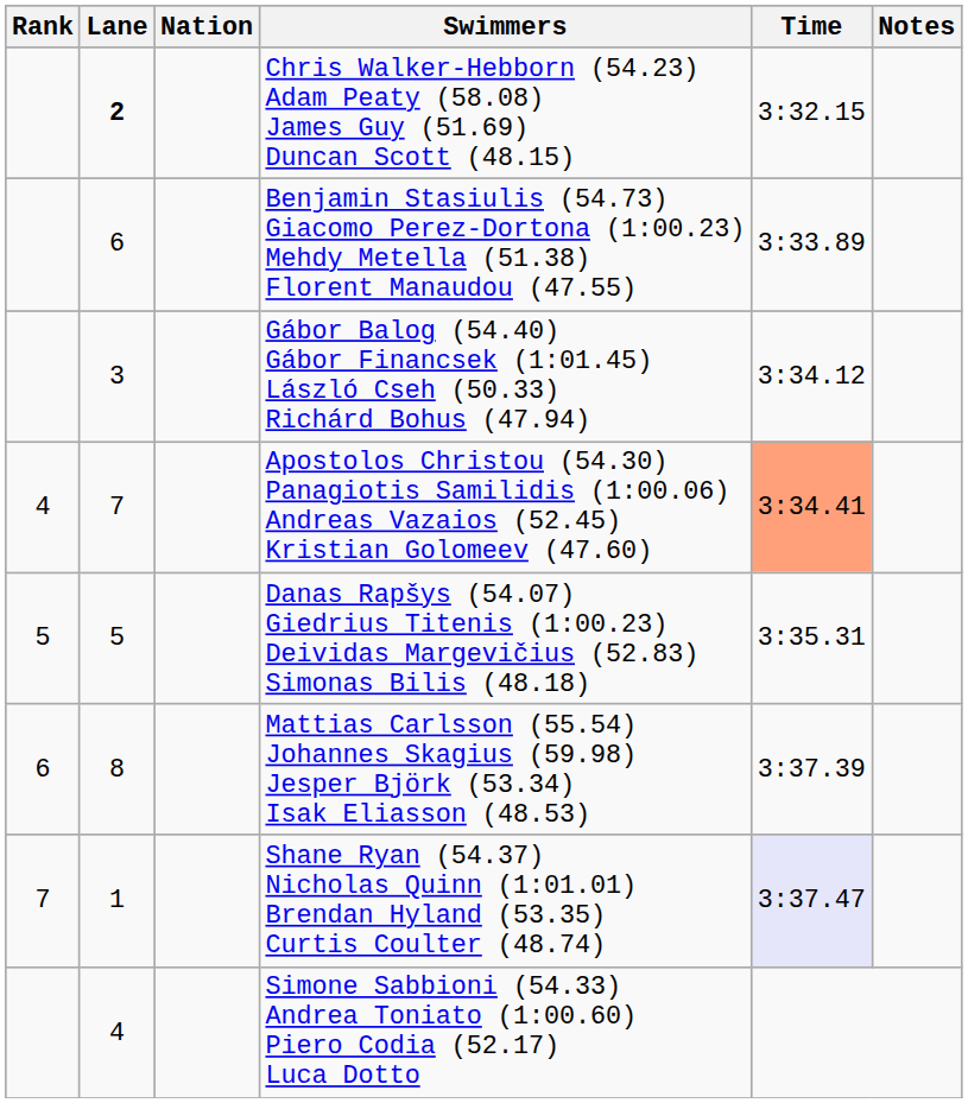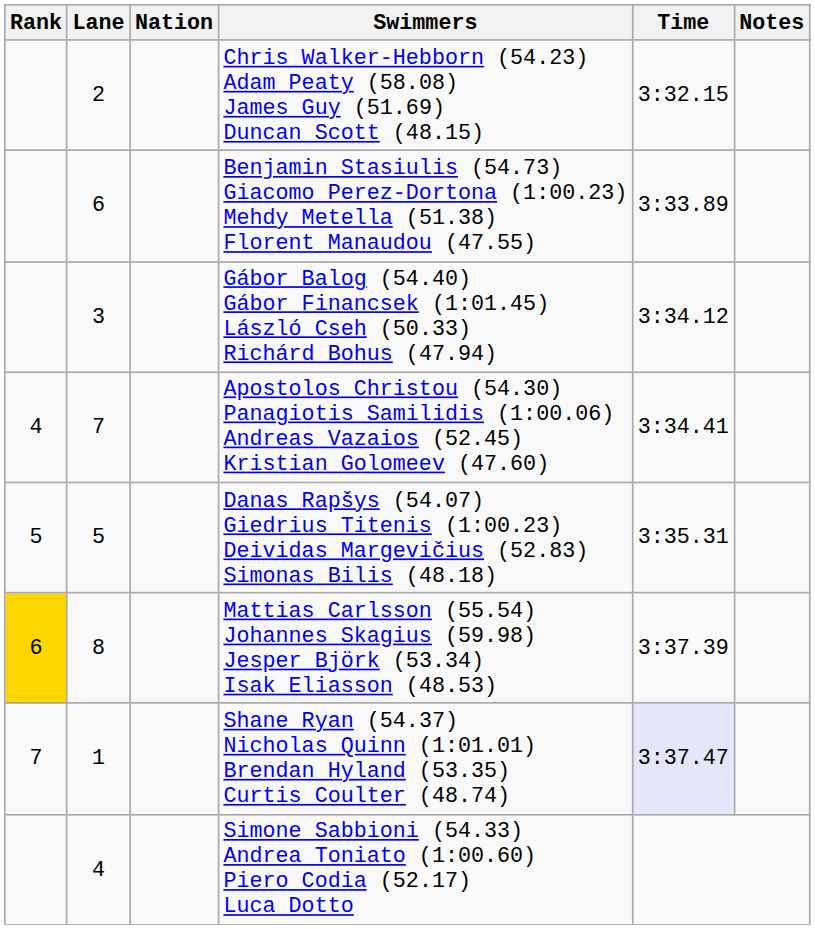 <table class="wikitable sortable" style="text-align:center">
 <tr>
 <th>Rank</th>
 <th>Lane</th>
 <th>Nation</th>
 <th>Swimmers</th>
 <th>Time</th>
 <th>Notes</th>
 </tr>
 <tr>
 <td></td>
-<td><strong>2</strong></td>
+<td>2</td>
 <td align=left></td>
 <td align=left><a href='#'>Chris Walker-Hebborn</a> (54.23)<br><a href='#'>Adam Peaty</a> (58.08)<br><a href='#'>James Guy</a> (51.69)<br><a href='#'>Duncan Scott</a> (48.15)</td>
 <td>3:32.15</td>
 <td></td>
 </tr>
 <tr>
 <td></td>
 <td>6</td>
 <td align=left></td>
 <td align=left><a href='#'>Benjamin Stasiulis</a> (54.73)<br><a href='#'>Giacomo Perez-Dortona</a> (1:00.23)<br><a href='#'>Mehdy Metella</a> (51.38)<br><a href='#'>Florent Manaudou</a> (47.55)</td>
 <td>3:33.89</td>
 <td></td>
 </tr>
 <tr>
 <td></td>
 <td>3</td>
 <td align=left></td>
 <td align=left><a href='#'>Gábor Balog</a> (54.40)<br><a href='#'>Gábor Financsek</a> (1:01.45)<br><a href='#'>László Cseh</a> (50.33)<br><a href='#'>Richárd Bohus</a> (47.94)</td>
 <td>3:34.12</td>
 <td></td>
 </tr>
 <tr>
 <td>4</td>
 <td>7</td>
 <td align=left></td>
 <td align=left><a href='#'>Apostolos Christou</a> (54.30)<br><a href='#'>Panagiotis Samilidis</a> (1:00.06)<br><a href='#'>Andreas Vazaios</a> (52.45)<br><a href='#'>Kristian Golomeev</a> (47.60)</td>
-<td style="background: lightsalmon;">3:34.41</td>
+<td>3:34.41</td>
 <td></td>
 </tr>
 <tr>
 <td>5</td>
 <td>5</td>
 <td align=left></td>
 <td align=left><a href='#'>Danas Rapšys</a> (54.07)<br><a href='#'>Giedrius Titenis</a> (1:00.23)<br><a href='#'>Deividas Margevičius</a> (52.83)<br><a href='#'>Simonas Bilis</a> (48.18)</td>
 <td>3:35.31</td>
 <td></td>
 </tr>
 <tr>
-<td>6</td>
+<td style="background: gold;">6</td>
 <td>8</td>
 <td align=left></td>
 <td align=left><a href='#'>Mattias Carlsson</a> (55.54)<br><a href='#'>Johannes Skagius</a> (59.98)<br><a href='#'>Jesper Björk</a> (53.34)<br><a href='#'>Isak Eliasson</a> (48.53)</td>
 <td>3:37.39</td>
 <td></td>
 </tr>
 <tr>
 <td>7</td>
 <td>1</td>
 <td align=left></td>
 <td align=left><a href='#'>Shane Ryan</a> (54.37)<br><a href='#'>Nicholas Quinn</a> (1:01.01)<br><a href='#'>Brendan Hyland</a> (53.35)<br><a href='#'>Curtis Coulter</a> (48.74)</td>
 <td style="background: lavender;">3:37.47</td>
 <td></td>
 </tr>
 <tr>
 <td></td>
 <td>4</td>
 <td align=left></td>
 <td align=left><a href='#'>Simone Sabbioni</a> (54.33)<br><a href='#'>Andrea Toniato</a> (1:00.60)<br><a href='#'>Piero Codia</a> (52.17)<br><a href='#'>Luca Dotto</a></td>
 <td colspan=2></td>
 </tr>
 </table>
